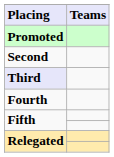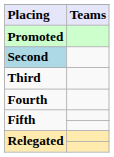 <table class=wikitable>
 <tr>
 </tr>
 <tr style="background: #E6E6FA;">
 <td><strong>Placing</strong></td>
 <td colspan="2" style="text-align:center"><strong>Teams</strong></td>
 </tr>
 <tr>
 <td style="background: #ccffcc;"><strong>Promoted</strong></td>
 <td style="background: #ccffcc;"><strong></strong></td>
 </tr>
 <tr>
-<td><strong>Second</strong></td>
+<td style="background: lightblue;"><strong>Second</strong></td>
 <td></td>
 </tr>
 <tr>
-<td style="background: lavender;"><strong>Third</strong></td>
+<td><strong>Third</strong></td>
 <td></td>
 </tr>
 <tr>
 <td><strong>Fourth</strong></td>
 <td></td>
 </tr>
 <tr>
 <td rowspan="2"><strong>Fifth</strong></td>
 <td></td>
 </tr>
 <tr>
 <td></td>
 </tr>
 <tr style="background: #ffebad;">
 <td rowspan="2"><strong>Relegated</strong></td>
 <td></td>
 </tr>
 <tr style="background: #ffebad;">
 <td></td>
 </tr>
 </table>
